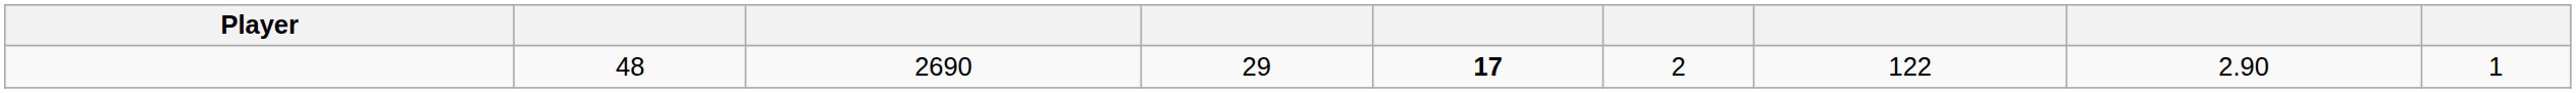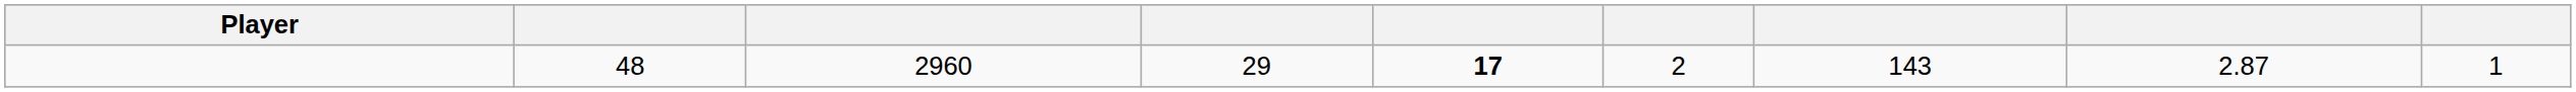 <table class="wikitable sortable" style="width:100%;">
 <tr style="text-align:center; background:#ddd;">
 <th>Player</th>
 <th></th>
 <th></th>
 <th></th>
 <th></th>
 <th></th>
 <th></th>
 <th></th>
 <th></th>
 </tr>
 <tr align=center>
 <td></td>
 <td>48</td>
-<td>2690</td>
+<td>2960</td>
 <td>29</td>
 <td><strong>17</strong></td>
 <td>2</td>
-<td>122</td>
-<td>2.90</td>
+<td>143</td>
+<td>2.87</td>
 <td>1</td>
 </tr>
 </table>
